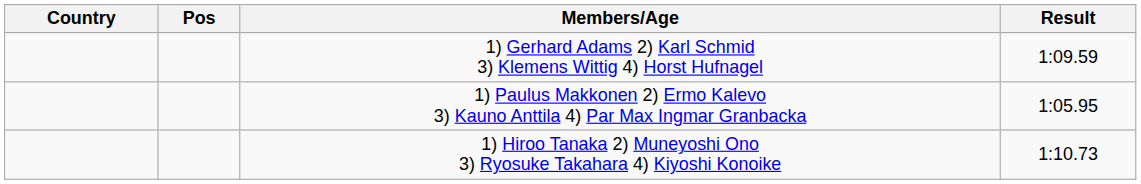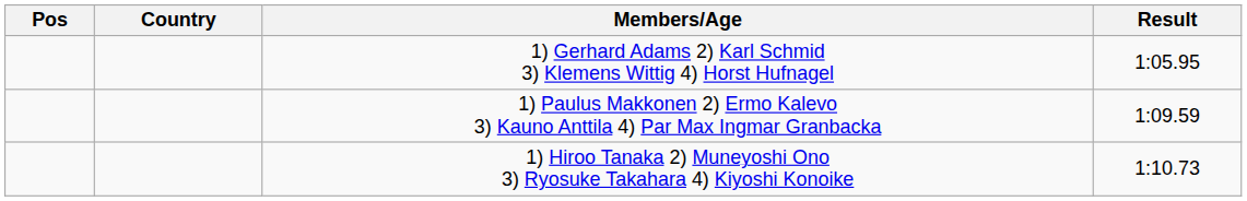 <table class="wikitable"  style="text-align:center; width:80%;">
 <tr>
+<th>Pos</th>
 <th>Country</th>
-<th>Pos</th>
 <th>Members/Age</th>
 <th>Result</th>
 </tr>
 <tr>
+<td align=center></td>
 <td align=left></td>
+<td>1) <a href='#'>Gerhard Adams</a> 2) <a href='#'>Karl Schmid</a><br>3) <a href='#'>Klemens Wittig</a> 4) <a href='#'>Horst Hufnagel</a></td>
+<td>1:05.95</td>
+</tr>
+<tr>
 <td align=center></td>
-<td>1) <a href='#'>Gerhard Adams</a> 2) <a href='#'>Karl Schmid</a><br>3) <a href='#'>Klemens Wittig</a> 4) <a href='#'>Horst Hufnagel</a></td>
+<td align=left></td>
+<td>1) <a href='#'>Paulus Makkonen</a> 2) <a href='#'>Ermo Kalevo</a><br>3) <a href='#'>Kauno Anttila</a> 4) <a href='#'>Par Max Ingmar Granbacka</a></td>
 <td>1:09.59</td>
 </tr>
 <tr>
+<td align=center></td>
 <td align=left></td>
-<td align=center></td>
-<td>1) <a href='#'>Paulus Makkonen</a> 2) <a href='#'>Ermo Kalevo</a><br>3) <a href='#'>Kauno Anttila</a> 4) <a href='#'>Par Max Ingmar Granbacka</a></td>
-<td>1:05.95</td>
-</tr>
-<tr>
-<td align=left></td>
-<td align=center></td>
 <td>1) <a href='#'>Hiroo Tanaka</a> 2) <a href='#'>Muneyoshi Ono</a><br>3) <a href='#'>Ryosuke Takahara</a> 4) <a href='#'>Kiyoshi Konoike</a></td>
 <td>1:10.73</td>
 </tr>
 </table>
